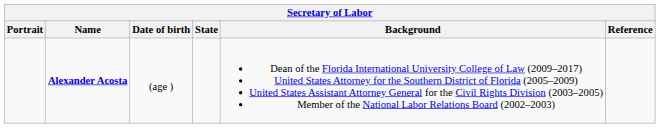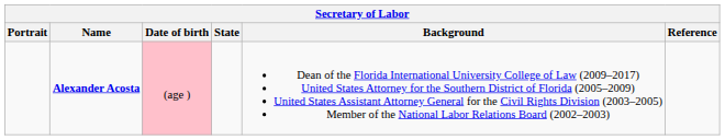 <table class="wikitable collapsible" style="text-align:center;">
 <tr>
 <th colspan="6"><a href='#'>Secretary of Labor</a></th>
 </tr>
 <tr>
 <th>Portrait</th>
 <th>Name</th>
 <th>Date of birth</th>
 <th>State</th>
 <th>Background</th>
 <th>Reference</th>
 </tr>
 <tr>
 <td></td>
 <td><strong><a href='#'>Alexander Acosta</a></strong></td>
-<td><br>(age )</td>
+<td style="background: pink;"><br>(age )</td>
 <td></td>
 <td><br><ul><li>Dean of the <a href='#'>Florida International University College of Law</a> (2009–2017)</li><li><a href='#'>United States Attorney for the Southern District of Florida</a> (2005–2009)</li><li><a href='#'>United States Assistant Attorney General</a> for the <a href='#'>Civil Rights Division</a> (2003–2005)</li><li>Member of the <a href='#'>National Labor Relations Board</a> (2002–2003)</li></ul></td>
 <td></td>
 </tr>
 </table>
